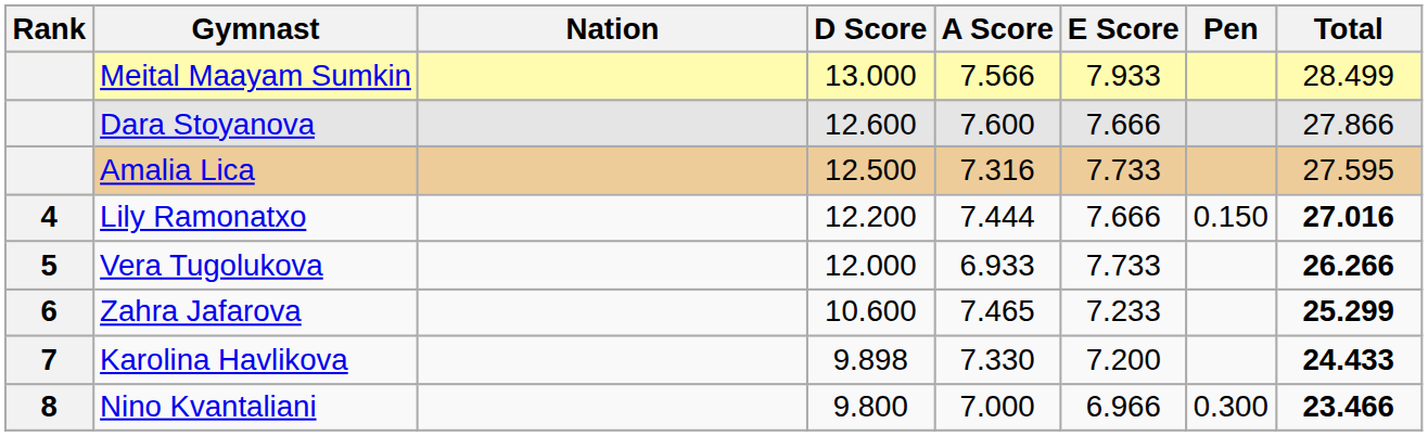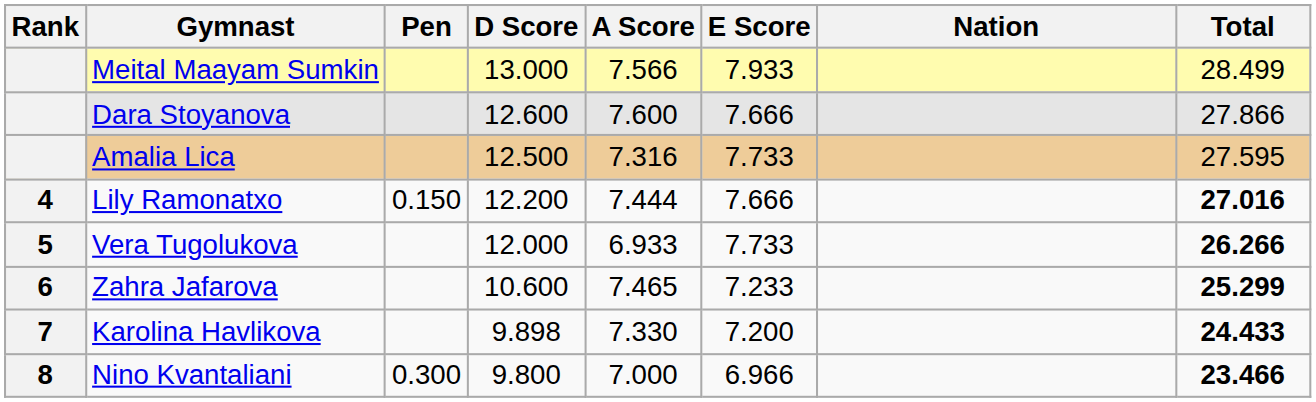 <table class="wikitable sortable" style="text-align:center; font-size:85%">
 <tr>
 <th scope="col" style="width:20px;">Rank</th>
 <th>Gymnast</th>
-<th scope="col" style="width:170px;">Nation</th>
+<th>Pen</th>
 <th>D Score</th>
 <th>A Score</th>
 <th>E Score</th>
-<th>Pen</th>
+<th scope="col" style="width:170px;">Nation</th>
 <th scope="col" style="width:60px;">Total</th>
 </tr>
 <tr bgcolor="fffcaf">
 <th scope="row"></th>
 <td align="left"><a href='#'>Meital Maayam Sumkin</a></td>
-<td align="left"></td>
+<td></td>
 <td>13.000</td>
 <td>7.566</td>
 <td>7.933</td>
-<td></td>
+<td align="left"></td>
 <td>28.499</td>
 </tr>
 <tr bgcolor="e5e5e5">
 <th scope="row"></th>
 <td align="left"><a href='#'>Dara Stoyanova</a></td>
-<td align="left"></td>
+<td></td>
 <td>12.600</td>
 <td>7.600</td>
 <td>7.666</td>
-<td></td>
+<td align="left"></td>
 <td>27.866</td>
 </tr>
 <tr bgcolor="eecc99">
 <th scope="row"></th>
 <td align="left"><a href='#'>Amalia Lica</a></td>
-<td align="left"></td>
+<td></td>
 <td>12.500</td>
 <td>7.316</td>
 <td>7.733</td>
-<td></td>
+<td align="left"></td>
 <td>27.595</td>
 </tr>
 <tr>
 <th scope=row>4</th>
 <td align=left><a href='#'>Lily Ramonatxo</a></td>
-<td style="text-align:left;"></td>
+<td>0.150</td>
 <td>12.200</td>
 <td>7.444</td>
 <td>7.666</td>
-<td>0.150</td>
+<td style="text-align:left;"></td>
 <td><strong>27.016</strong></td>
 </tr>
 <tr>
 <th scope=row>5</th>
 <td align=left><a href='#'>Vera Tugolukova</a></td>
-<td style="text-align:left;"></td>
+<td></td>
 <td>12.000</td>
 <td>6.933</td>
 <td>7.733</td>
-<td></td>
+<td style="text-align:left;"></td>
 <td><strong>26.266</strong></td>
 </tr>
 <tr>
 <th scope=row>6</th>
 <td align=left><a href='#'>Zahra Jafarova</a></td>
-<td style="text-align:left;"></td>
+<td></td>
 <td>10.600</td>
 <td>7.465</td>
 <td>7.233</td>
-<td></td>
+<td style="text-align:left;"></td>
 <td><strong>25.299</strong></td>
 </tr>
 <tr>
 <th scope=row>7</th>
 <td align=left><a href='#'>Karolina Havlikova</a></td>
-<td style="text-align:left;"></td>
+<td></td>
 <td>9.898</td>
 <td>7.330</td>
 <td>7.200</td>
-<td></td>
+<td style="text-align:left;"></td>
 <td><strong>24.433</strong></td>
 </tr>
 <tr>
 <th scope=row>8</th>
 <td align=left><a href='#'>Nino Kvantaliani</a></td>
-<td style="text-align:left;"></td>
+<td>0.300</td>
 <td>9.800</td>
 <td>7.000</td>
 <td>6.966</td>
-<td>0.300</td>
+<td style="text-align:left;"></td>
 <td><strong>23.466</strong></td>
 </tr>
 </table>
